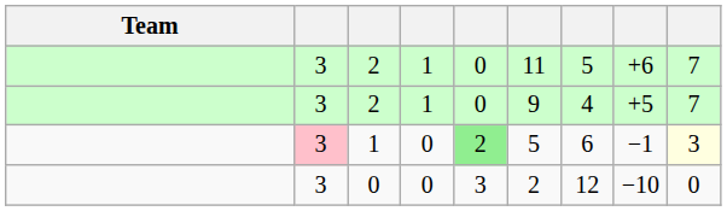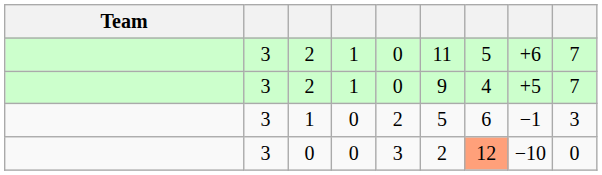 <table class="wikitable" style="text-align: center; font-size: 90%;">
 <tr>
 <th width=165>Team</th>
 <th width=25></th>
 <th width=25></th>
 <th width=25></th>
 <th width=25></th>
 <th width=25></th>
 <th width=25></th>
 <th width=25></th>
 <th width=25></th>
 </tr>
 <tr style="background:#cfc;">
 <td align="left"></td>
 <td>3</td>
 <td>2</td>
 <td>1</td>
 <td>0</td>
 <td>11</td>
 <td>5</td>
 <td>+6</td>
 <td>7</td>
 </tr>
 <tr style="background:#cfc;">
 <td align="left"></td>
 <td>3</td>
 <td>2</td>
 <td>1</td>
 <td>0</td>
 <td>9</td>
 <td>4</td>
 <td>+5</td>
 <td>7</td>
 </tr>
 <tr>
 <td align="left"></td>
-<td style="background: pink;">3</td>
+<td>3</td>
 <td>1</td>
 <td>0</td>
-<td style="background: lightgreen;">2</td>
+<td>2</td>
 <td>5</td>
 <td>6</td>
 <td>−1</td>
-<td style="background: lightyellow;">3</td>
+<td>3</td>
 </tr>
 <tr>
 <td align="left"></td>
 <td>3</td>
 <td>0</td>
 <td>0</td>
 <td>3</td>
 <td>2</td>
-<td>12</td>
+<td style="background: lightsalmon;">12</td>
 <td>−10</td>
 <td>0</td>
 </tr>
 </table>
